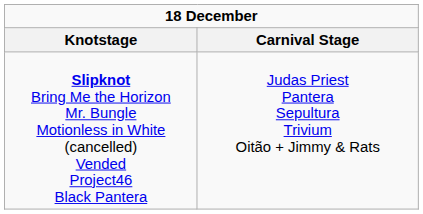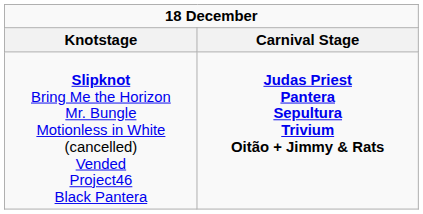 <table class="wikitable">
 <tr>
 <td colspan="4" style="text-align:center;"><strong>18 December</strong></td>
 </tr>
 <tr>
 <th>Knotstage</th>
 <th>Carnival Stage</th>
 </tr>
 <tr>
 <td style="text-align:center; vertical-align:top; width:200px;"><br><strong><a href='#'>Slipknot</a></strong><br> <a href='#'>Bring Me the Horizon</a><br> <a href='#'>Mr. Bungle</a><br> <a href='#'>Motionless in White</a> (cancelled)<br> <a href='#'>Vended</a><br> <a href='#'>Project46</a><br> <a href='#'>Black Pantera</a></td>
-<td style="text-align:center; vertical-align:top; width:230px;"><br><a href='#'>Judas Priest</a><br> <a href='#'>Pantera</a><br> <a href='#'>Sepultura</a><br> <a href='#'>Trivium</a><br> Oitão + Jimmy & Rats</td>
+<td style="text-align:center; vertical-align:top; width:230px;"><strong><br><a href='#'>Judas Priest</a><br> <a href='#'>Pantera</a><br> <a href='#'>Sepultura</a><br> <a href='#'>Trivium</a><br> Oitão + Jimmy & Rats</strong></td>
 </tr>
 </table>
